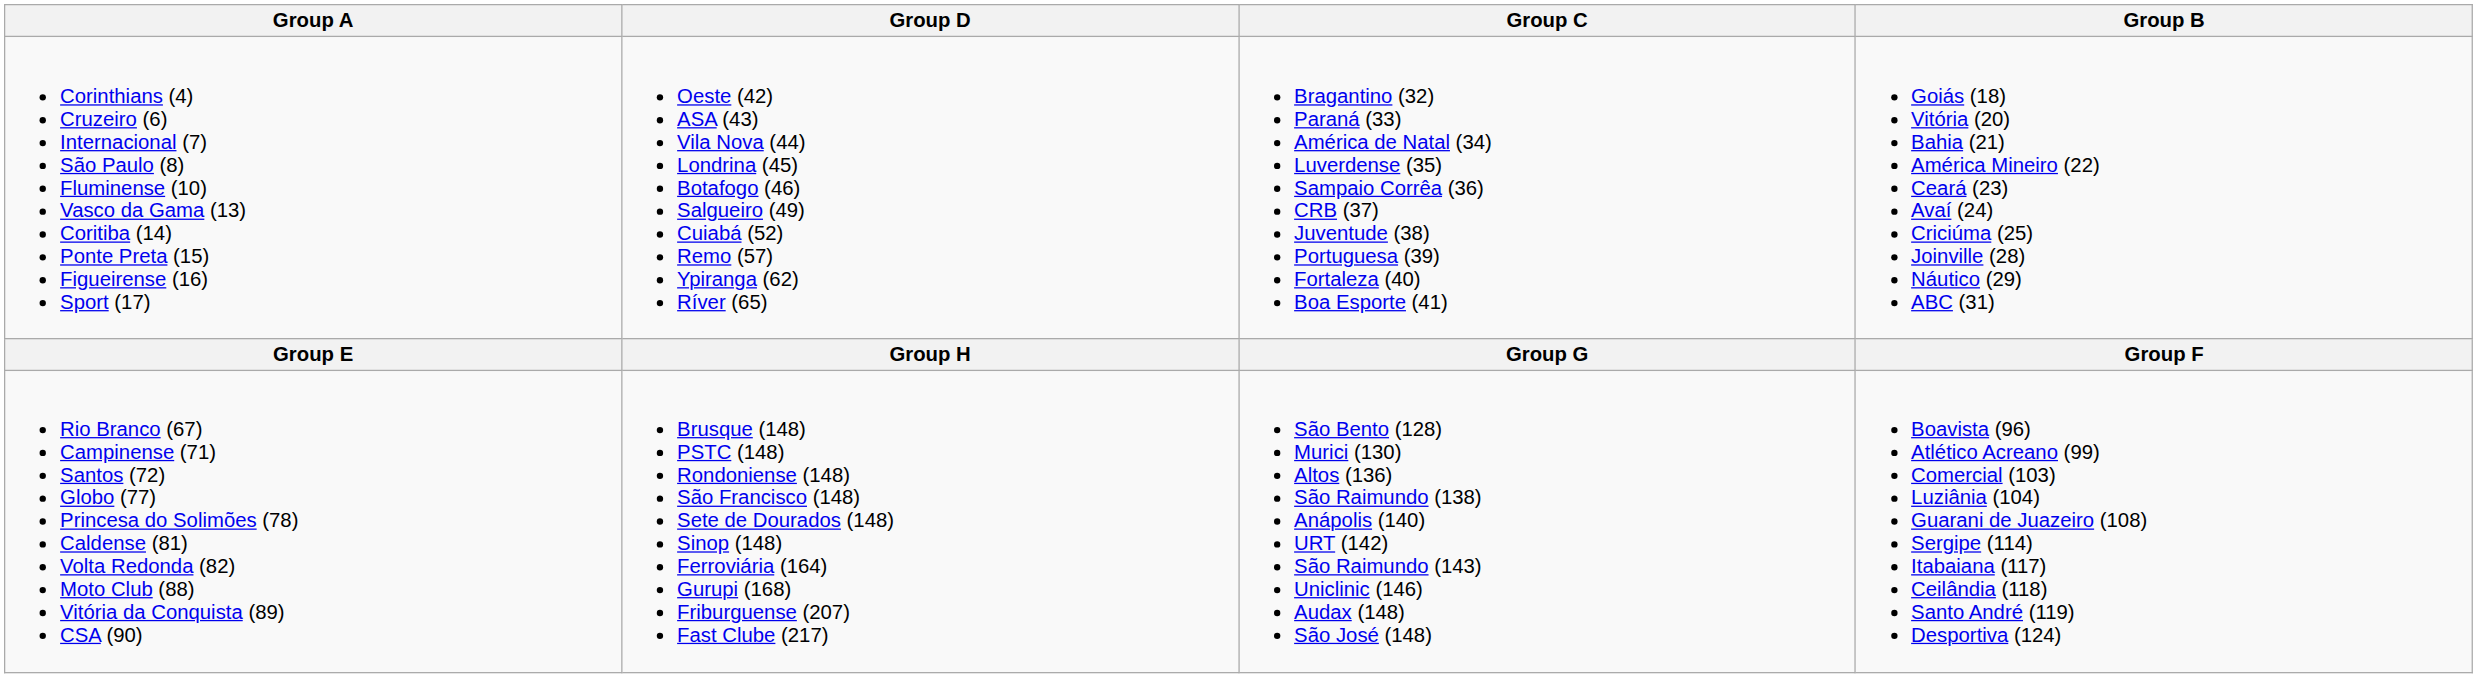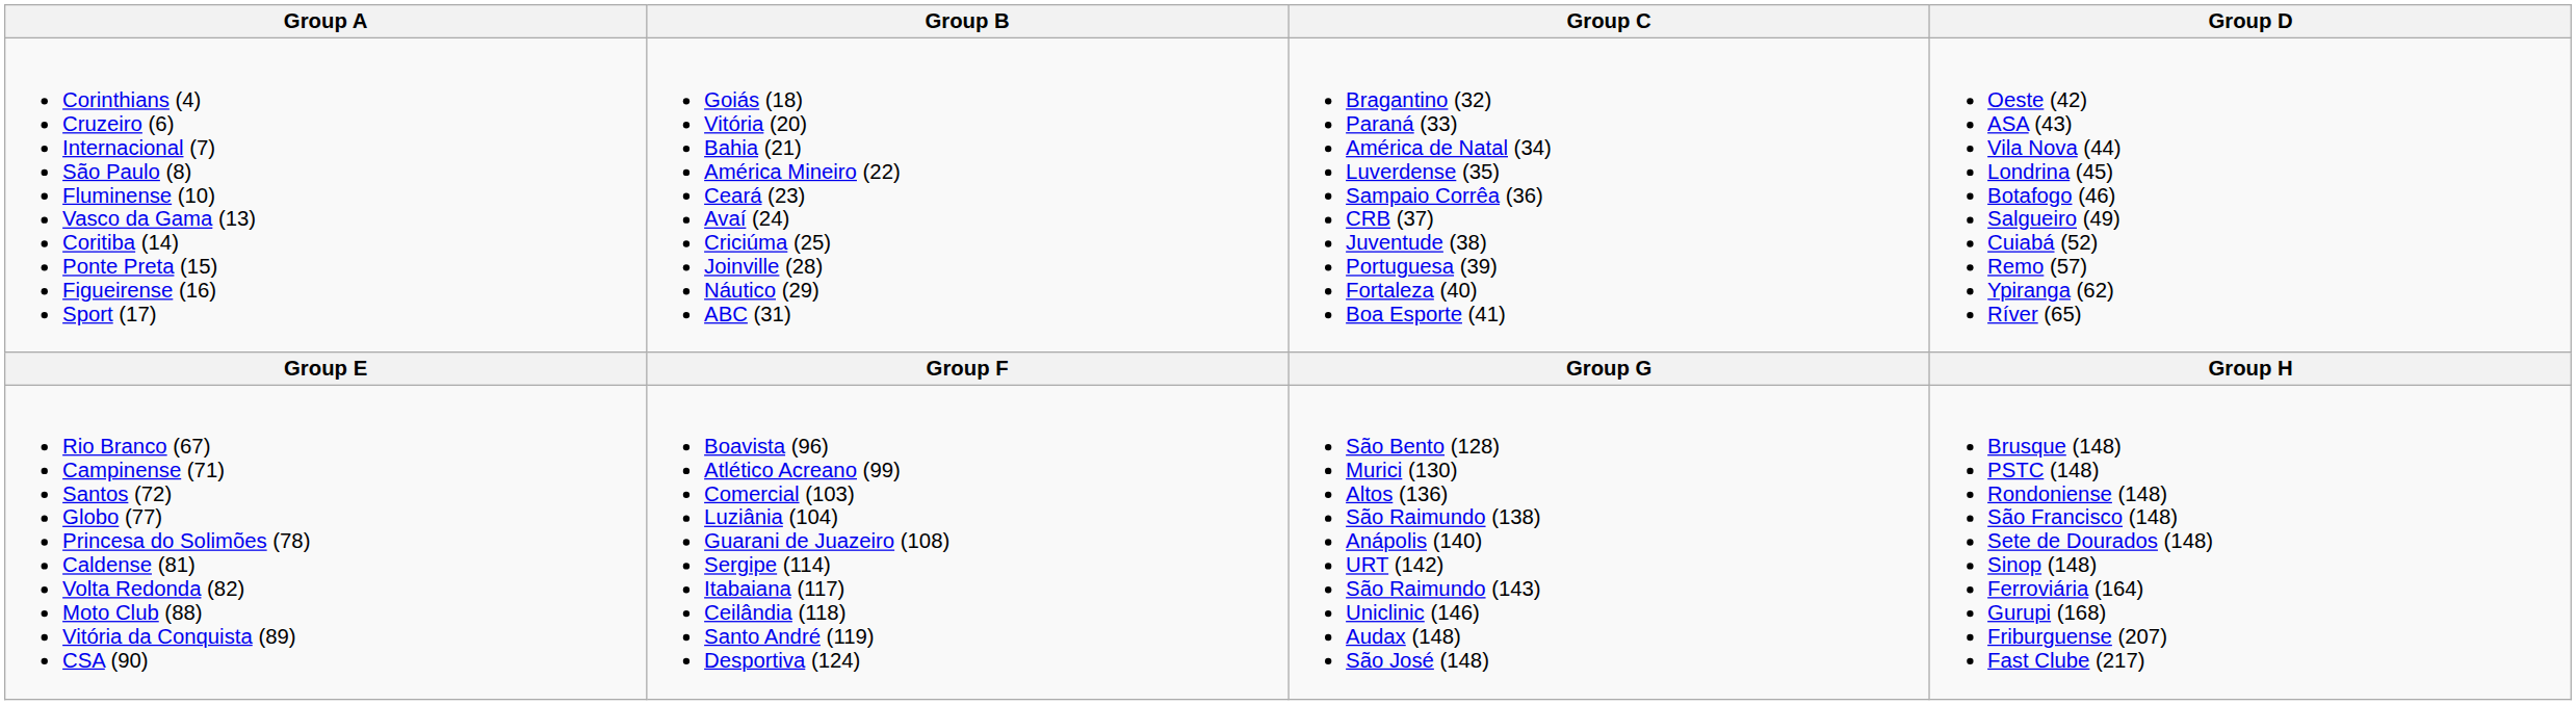 <table class="wikitable" width=98%>
 <tr>
 <th width=25%><strong>Group A</strong></th>
+<th width=25%><strong>Group B</strong></th>
+<th width=25%><strong>Group C</strong></th>
 <th width=25%><strong>Group D</strong></th>
-<th width=25%><strong>Group C</strong></th>
-<th width=25%><strong>Group B</strong></th>
 </tr>
 <tr>
 <td><br><ul><li> <a href='#'>Corinthians</a> (4)</li><li> <a href='#'>Cruzeiro</a> (6)</li><li> <a href='#'>Internacional</a> (7)</li><li> <a href='#'>São Paulo</a> (8)</li><li> <a href='#'>Fluminense</a> (10)</li><li> <a href='#'>Vasco da Gama</a> (13)</li><li> <a href='#'>Coritiba</a> (14)</li><li> <a href='#'>Ponte Preta</a> (15)</li><li> <a href='#'>Figueirense</a> (16)</li><li> <a href='#'>Sport</a> (17)</li></ul></td>
+<td><br><ul><li> <a href='#'>Goiás</a> (18)</li><li> <a href='#'>Vitória</a> (20)</li><li> <a href='#'>Bahia</a> (21)</li><li> <a href='#'>América Mineiro</a> (22)</li><li> <a href='#'>Ceará</a> (23)</li><li> <a href='#'>Avaí</a> (24)</li><li> <a href='#'>Criciúma</a> (25)</li><li> <a href='#'>Joinville</a> (28)</li><li> <a href='#'>Náutico</a> (29)</li><li> <a href='#'>ABC</a> (31)</li></ul></td>
+<td><br><ul><li> <a href='#'>Bragantino</a> (32)</li><li> <a href='#'>Paraná</a> (33)</li><li> <a href='#'>América de Natal</a> (34)</li><li> <a href='#'>Luverdense</a> (35)</li><li> <a href='#'>Sampaio Corrêa</a> (36)</li><li> <a href='#'>CRB</a> (37)</li><li> <a href='#'>Juventude</a> (38)</li><li> <a href='#'>Portuguesa</a> (39)</li><li> <a href='#'>Fortaleza</a> (40)</li><li> <a href='#'>Boa Esporte</a> (41)</li></ul></td>
 <td><br><ul><li> <a href='#'>Oeste</a> (42)</li><li> <a href='#'>ASA</a> (43)</li><li> <a href='#'>Vila Nova</a> (44)</li><li> <a href='#'>Londrina</a> (45)</li><li> <a href='#'>Botafogo</a> (46)</li><li> <a href='#'>Salgueiro</a> (49)</li><li> <a href='#'>Cuiabá</a> (52)</li><li> <a href='#'>Remo</a> (57)</li><li> <a href='#'>Ypiranga</a> (62)</li><li> <a href='#'>Ríver</a> (65)</li></ul></td>
-<td><br><ul><li> <a href='#'>Bragantino</a> (32)</li><li> <a href='#'>Paraná</a> (33)</li><li> <a href='#'>América de Natal</a> (34)</li><li> <a href='#'>Luverdense</a> (35)</li><li> <a href='#'>Sampaio Corrêa</a> (36)</li><li> <a href='#'>CRB</a> (37)</li><li> <a href='#'>Juventude</a> (38)</li><li> <a href='#'>Portuguesa</a> (39)</li><li> <a href='#'>Fortaleza</a> (40)</li><li> <a href='#'>Boa Esporte</a> (41)</li></ul></td>
-<td><br><ul><li> <a href='#'>Goiás</a> (18)</li><li> <a href='#'>Vitória</a> (20)</li><li> <a href='#'>Bahia</a> (21)</li><li> <a href='#'>América Mineiro</a> (22)</li><li> <a href='#'>Ceará</a> (23)</li><li> <a href='#'>Avaí</a> (24)</li><li> <a href='#'>Criciúma</a> (25)</li><li> <a href='#'>Joinville</a> (28)</li><li> <a href='#'>Náutico</a> (29)</li><li> <a href='#'>ABC</a> (31)</li></ul></td>
 </tr>
 <tr>
 <th width=25%><strong>Group E</strong></th>
+<th width=25%><strong>Group F</strong></th>
+<th width=25%><strong>Group G</strong></th>
 <th width=25%><strong>Group H</strong></th>
-<th width=25%><strong>Group G</strong></th>
-<th width=25%><strong>Group F</strong></th>
 </tr>
 <tr>
 <td><br><ul><li> <a href='#'>Rio Branco</a> (67)</li><li> <a href='#'>Campinense</a> (71)</li><li> <a href='#'>Santos</a> (72)</li><li> <a href='#'>Globo</a> (77)</li><li> <a href='#'>Princesa do Solimões</a> (78)</li><li> <a href='#'>Caldense</a> (81)</li><li> <a href='#'>Volta Redonda</a> (82)</li><li> <a href='#'>Moto Club</a> (88)</li><li> <a href='#'>Vitória da Conquista</a> (89)</li><li> <a href='#'>CSA</a> (90)</li></ul></td>
+<td><br><ul><li> <a href='#'>Boavista</a> (96)</li><li> <a href='#'>Atlético Acreano</a> (99)</li><li> <a href='#'>Comercial</a> (103)</li><li> <a href='#'>Luziânia</a> (104)</li><li> <a href='#'>Guarani de Juazeiro</a> (108)</li><li> <a href='#'>Sergipe</a> (114)</li><li> <a href='#'>Itabaiana</a> (117)</li><li> <a href='#'>Ceilândia</a> (118)</li><li> <a href='#'>Santo André</a> (119)</li><li> <a href='#'>Desportiva</a> (124)</li></ul></td>
+<td><br><ul><li> <a href='#'>São Bento</a> (128)</li><li> <a href='#'>Murici</a> (130)</li><li> <a href='#'>Altos</a> (136)</li><li> <a href='#'>São Raimundo</a> (138)</li><li> <a href='#'>Anápolis</a> (140)</li><li> <a href='#'>URT</a> (142)</li><li> <a href='#'>São Raimundo</a> (143)</li><li> <a href='#'>Uniclinic</a> (146)</li><li> <a href='#'>Audax</a> (148)</li><li> <a href='#'>São José</a> (148)</li></ul></td>
 <td><br><ul><li> <a href='#'>Brusque</a> (148)</li><li> <a href='#'>PSTC</a> (148)</li><li> <a href='#'>Rondoniense</a> (148)</li><li> <a href='#'>São Francisco</a> (148)</li><li> <a href='#'>Sete de Dourados</a> (148)</li><li> <a href='#'>Sinop</a> (148)</li><li> <a href='#'>Ferroviária</a> (164)</li><li> <a href='#'>Gurupi</a> (168)</li><li> <a href='#'>Friburguense</a> (207)</li><li> <a href='#'>Fast Clube</a> (217)</li></ul></td>
-<td><br><ul><li> <a href='#'>São Bento</a> (128)</li><li> <a href='#'>Murici</a> (130)</li><li> <a href='#'>Altos</a> (136)</li><li> <a href='#'>São Raimundo</a> (138)</li><li> <a href='#'>Anápolis</a> (140)</li><li> <a href='#'>URT</a> (142)</li><li> <a href='#'>São Raimundo</a> (143)</li><li> <a href='#'>Uniclinic</a> (146)</li><li> <a href='#'>Audax</a> (148)</li><li> <a href='#'>São José</a> (148)</li></ul></td>
-<td><br><ul><li> <a href='#'>Boavista</a> (96)</li><li> <a href='#'>Atlético Acreano</a> (99)</li><li> <a href='#'>Comercial</a> (103)</li><li> <a href='#'>Luziânia</a> (104)</li><li> <a href='#'>Guarani de Juazeiro</a> (108)</li><li> <a href='#'>Sergipe</a> (114)</li><li> <a href='#'>Itabaiana</a> (117)</li><li> <a href='#'>Ceilândia</a> (118)</li><li> <a href='#'>Santo André</a> (119)</li><li> <a href='#'>Desportiva</a> (124)</li></ul></td>
 </tr>
 </table>
